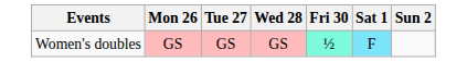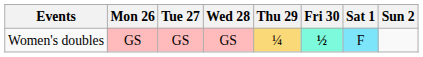 <table class="wikitable" style="margin:0.5em auto; font-size:90%; line-height:1.25em; text-align:center">
 <tr>
 <th>Events</th>
 <th>Mon 26</th>
 <th>Tue 27</th>
 <th>Wed 28</th>
+<th>Thu 29</th>
 <th>Fri 30</th>
 <th>Sat 1</th>
 <th>Sun 2</th>
 </tr>
 <tr>
 <td style="text-align:left;">Women's doubles</td>
 <td style="background-color:#FFBBBB">GS</td>
 <td style="background-color:#FFBBBB">GS</td>
 <td style="background-color:#FFBBBB">GS</td>
-<td style="background-color:#7DFADB">½</td>
+<td style="background-color:#FAD978">¼</td>
+<td style="background-color:#7DFADB"><strong>½</strong></td>
 <td style="background-color:#7DE5FA">F</td>
 <td></td>
 </tr>
 </table>
